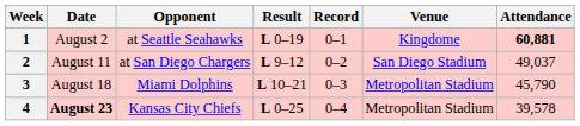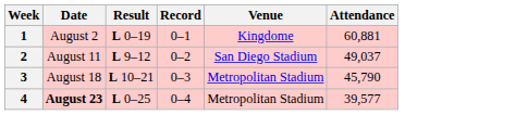 <table class="wikitable" style="text-align:center">
 <tr>
 <th>Week</th>
 <th>Date</th>
-<th>Opponent</th>
 <th>Result</th>
 <th>Record</th>
 <th>Venue</th>
 <th>Attendance</th>
 </tr>
 <tr style="background:#fcc">
 <th>1</th>
 <td>August 2</td>
-<td>at <a href='#'>Seattle Seahawks</a></td>
 <td><strong>L</strong> 0–19</td>
 <td>0–1</td>
 <td><a href='#'>Kingdome</a></td>
-<td><strong>60,881</strong></td>
+<td>60,881</td>
 </tr>
 <tr style="background:#fcc">
 <th>2</th>
 <td>August 11</td>
-<td>at <a href='#'>San Diego Chargers</a></td>
 <td><strong>L</strong> 9–12</td>
 <td>0–2</td>
 <td><a href='#'>San Diego Stadium</a></td>
 <td>49,037</td>
 </tr>
 <tr style="background:#fcc">
 <th>3</th>
 <td>August 18</td>
-<td><a href='#'>Miami Dolphins</a></td>
 <td><strong>L</strong> 10–21</td>
 <td>0–3</td>
 <td><a href='#'>Metropolitan Stadium</a></td>
 <td>45,790</td>
 </tr>
 <tr style="background:#fcc">
 <th>4</th>
 <td><strong>August 23</strong></td>
-<td><a href='#'>Kansas City Chiefs</a></td>
 <td><strong>L</strong> 0–25</td>
 <td>0–4</td>
 <td>Metropolitan Stadium</td>
-<td>39,578</td>
+<td>39,577</td>
 </tr>
 </table>
